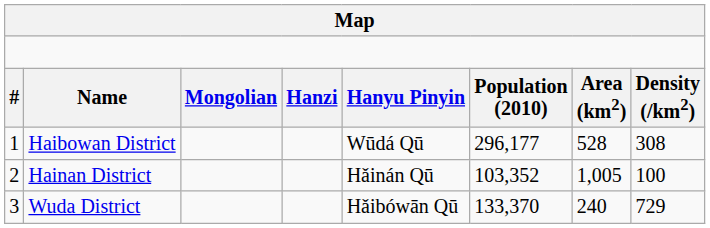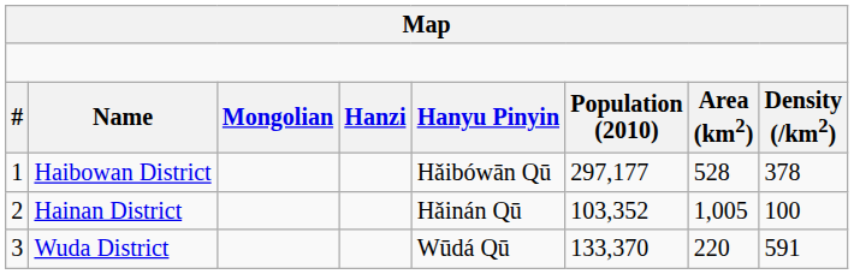 <table class="wikitable" style="font-size:100%;" align=center>
 <tr>
 <th colspan="8">Map</th>
 </tr>
 <tr>
 <td colspan="8"><div><br>      </div></td>
 </tr>
 <tr>
 <th>#</th>
 <th>Name</th>
 <th><a href='#'>Mongolian</a></th>
 <th><a href='#'>Hanzi</a></th>
 <th><a href='#'>Hanyu Pinyin</a></th>
 <th>Population<br>(2010)</th>
 <th>Area<br>(km<sup>2</sup>)</th>
 <th>Density<br>(/km<sup>2</sup>)</th>
 </tr>
 <tr --------->
 <td>1</td>
 <td><a href='#'>Haibowan District</a></td>
 <td><br></td>
 <td></td>
-<td>Wūdá Qū</td>
-<td>296,177</td>
+<td>Hǎibówān Qū</td>
+<td>297,177</td>
 <td>528</td>
-<td>308</td>
+<td>378</td>
 </tr>
 <tr --------->
 <td>2</td>
 <td><a href='#'>Hainan District</a></td>
 <td><br></td>
 <td></td>
 <td>Hǎinán Qū</td>
 <td>103,352</td>
 <td>1,005</td>
 <td>100</td>
 </tr>
 <tr --------->
 <td>3</td>
 <td><a href='#'>Wuda District</a></td>
 <td><br></td>
 <td></td>
-<td>Hǎibówān Qū</td>
+<td>Wūdá Qū</td>
 <td>133,370</td>
-<td>240</td>
-<td>729</td>
+<td>220</td>
+<td>591</td>
 </tr>
 </table>
